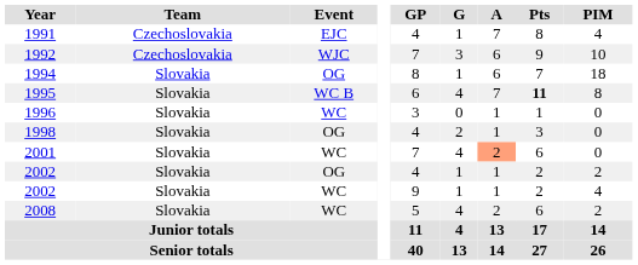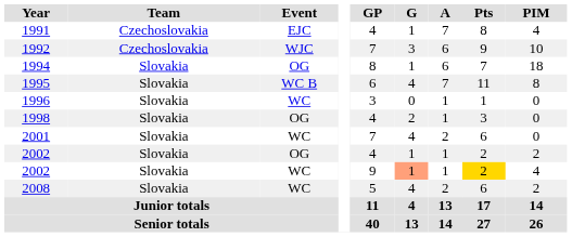 <table border="0" cellpadding="1" cellspacing="0" style="text-align:center; width:40em">
 <tr ALIGN="center" bgcolor="#e0e0e0">
 <th>Year</th>
 <th>Team</th>
 <th>Event</th>
 <th rowspan="99" bgcolor="#ffffff"> </th>
 <th>GP</th>
 <th>G</th>
 <th>A</th>
 <th>Pts</th>
 <th>PIM</th>
 </tr>
 <tr>
 <td><a href='#'>1991</a></td>
 <td><a href='#'>Czechoslovakia</a></td>
 <td><a href='#'>EJC</a></td>
 <td>4</td>
 <td>1</td>
 <td>7</td>
 <td>8</td>
 <td>4</td>
 </tr>
 <tr bgcolor="#f0f0f0">
 <td><a href='#'>1992</a></td>
 <td><a href='#'>Czechoslovakia</a></td>
 <td><a href='#'>WJC</a></td>
 <td>7</td>
 <td>3</td>
 <td>6</td>
 <td>9</td>
 <td>10</td>
 </tr>
 <tr>
 <td><a href='#'>1994</a></td>
 <td><a href='#'>Slovakia</a></td>
 <td><a href='#'>OG</a></td>
 <td>8</td>
 <td>1</td>
 <td>6</td>
 <td>7</td>
 <td>18</td>
 </tr>
 <tr bgcolor="#f0f0f0">
 <td><a href='#'>1995</a></td>
 <td>Slovakia</td>
 <td><a href='#'>WC B</a></td>
 <td>6</td>
 <td>4</td>
 <td>7</td>
-<td><strong>11</strong></td>
+<td>11</td>
 <td>8</td>
 </tr>
 <tr>
 <td><a href='#'>1996</a></td>
 <td>Slovakia</td>
 <td><a href='#'>WC</a></td>
 <td>3</td>
 <td>0</td>
 <td>1</td>
 <td>1</td>
 <td>0</td>
 </tr>
 <tr bgcolor="#f0f0f0">
 <td><a href='#'>1998</a></td>
 <td>Slovakia</td>
 <td>OG</td>
 <td>4</td>
 <td>2</td>
 <td>1</td>
 <td>3</td>
 <td>0</td>
 </tr>
 <tr>
 <td><a href='#'>2001</a></td>
 <td>Slovakia</td>
 <td>WC</td>
 <td>7</td>
 <td>4</td>
-<td style="background: lightsalmon;">2</td>
+<td>2</td>
 <td>6</td>
 <td>0</td>
 </tr>
 <tr bgcolor="#f0f0f0">
 <td><a href='#'>2002</a></td>
 <td>Slovakia</td>
 <td>OG</td>
 <td>4</td>
 <td>1</td>
 <td>1</td>
 <td>2</td>
 <td>2</td>
 </tr>
 <tr>
 <td><a href='#'>2002</a></td>
 <td>Slovakia</td>
 <td>WC</td>
 <td>9</td>
+<td style="background: lightsalmon;">1</td>
 <td>1</td>
-<td>1</td>
-<td>2</td>
+<td style="background: gold;">2</td>
 <td>4</td>
 </tr>
 <tr bgcolor="#f0f0f0">
 <td><a href='#'>2008</a></td>
 <td>Slovakia</td>
 <td>WC</td>
 <td>5</td>
 <td>4</td>
 <td>2</td>
 <td>6</td>
 <td>2</td>
 </tr>
 <tr bgcolor="#e0e0e0">
 <th colspan=3>Junior totals</th>
 <th>11</th>
 <th>4</th>
 <th>13</th>
 <th>17</th>
 <th>14</th>
 </tr>
 <tr bgcolor="#e0e0e0">
 <th colspan=3>Senior totals</th>
 <th>40</th>
 <th>13</th>
 <th>14</th>
 <th>27</th>
 <th>26</th>
 </tr>
 </table>
